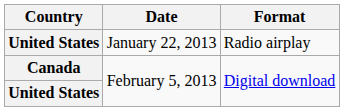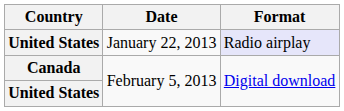 <table class="wikitable plainrowheaders">
 <tr>
 <th scope="col">Country</th>
 <th scope="col">Date</th>
 <th scope="col">Format</th>
 </tr>
 <tr>
 <th scope= "row">United States</th>
 <td>January 22, 2013</td>
-<td>Radio airplay</td>
+<td style="background: lavender;">Radio airplay</td>
 </tr>
 <tr>
 <th scope="row">Canada</th>
 <td rowspan="2">February 5, 2013</td>
 <td rowspan="2"><a href='#'>Digital download</a></td>
 </tr>
 <tr>
 <th scope= "row">United States</th>
 </tr>
 <tr>
 </tr>
 </table>
